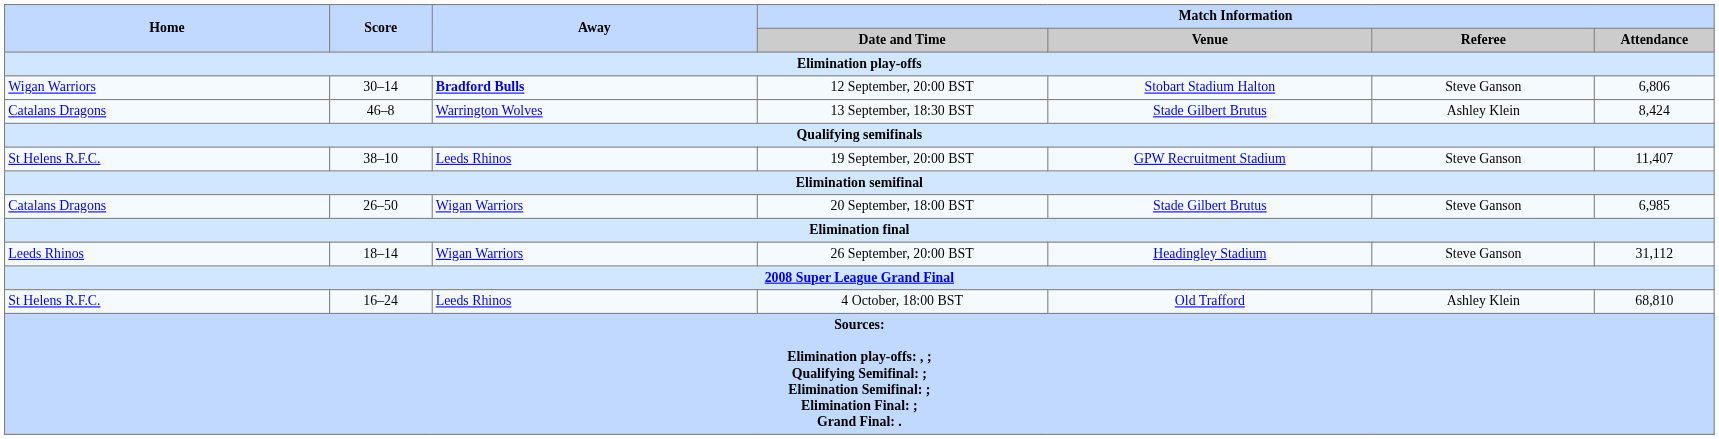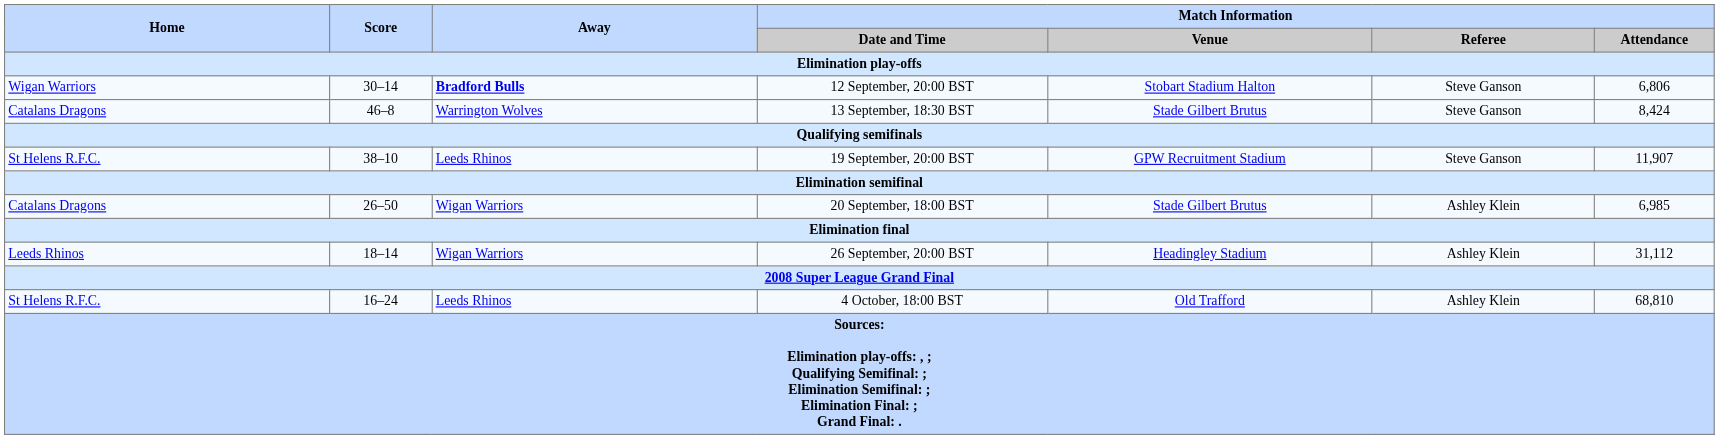 <table border="1" cellpadding="3" cellspacing="0" style="border-collapse:collapse; font-size:80%; text-align:center; width:100%;">
 <tr style="background:#c1d8ff;">
 <th rowspan="2" style="width:19%;">Home</th>
 <th rowspan="2" style="width:6%;">Score</th>
 <th rowspan="2" style="width:19%;">Away</th>
 <th colspan=6>Match Information</th>
 </tr>
 <tr style="background:#ccc;">
 <th width=17%>Date and Time</th>
 <th width=19%>Venue</th>
 <th width=13%>Referee</th>
 <th width=7%>Attendance</th>
 </tr>
 <tr style="background:#d0e7ff;">
 <td colspan=7><strong>Elimination play-offs</strong></td>
 </tr>
 <tr style="background:#f5faff;">
 <td align=left> <a href='#'>Wigan Warriors</a></td>
 <td>30–14</td>
 <td align=left><strong> <a href='#'>Bradford Bulls</a></strong></td>
 <td>12 September, 20:00 BST</td>
 <td><a href='#'>Stobart Stadium Halton</a></td>
 <td>Steve Ganson</td>
 <td>6,806</td>
 </tr>
 <tr style="background:#f5faff;">
 <td align=left> <a href='#'>Catalans Dragons</a></td>
 <td>46–8</td>
 <td align=left> <a href='#'>Warrington Wolves</a></td>
 <td>13 September, 18:30 BST</td>
 <td><a href='#'>Stade Gilbert Brutus</a></td>
-<td>Ashley Klein</td>
+<td>Steve Ganson</td>
 <td>8,424</td>
 </tr>
 <tr style="background:#d0e7ff;">
 <td colspan=7><strong>Qualifying semifinals</strong></td>
 </tr>
 <tr style="background:#f5faff;">
 <td align=left> <a href='#'>St Helens R.F.C.</a></td>
 <td>38–10</td>
 <td align=left> <a href='#'>Leeds Rhinos</a></td>
 <td>19 September, 20:00 BST</td>
 <td><a href='#'>GPW Recruitment Stadium</a></td>
 <td>Steve Ganson</td>
-<td>11,407</td>
+<td>11,907</td>
 </tr>
 <tr style="background:#d0e7ff;">
 <td colspan=7><strong>Elimination semifinal</strong></td>
 </tr>
 <tr style="background:#f5faff;">
 <td align=left> <a href='#'>Catalans Dragons</a></td>
 <td>26–50</td>
 <td align=left> <a href='#'>Wigan Warriors</a></td>
 <td>20 September, 18:00 BST</td>
 <td><a href='#'>Stade Gilbert Brutus</a></td>
-<td>Steve Ganson</td>
+<td>Ashley Klein</td>
 <td>6,985</td>
 </tr>
 <tr style="background:#d0e7ff;">
 <td colspan=7><strong>Elimination final</strong></td>
 </tr>
 <tr style="background:#f5faff;">
 <td align=left> <a href='#'>Leeds Rhinos</a></td>
 <td>18–14</td>
 <td align=left> <a href='#'>Wigan Warriors</a></td>
 <td>26 September, 20:00 BST</td>
 <td><a href='#'>Headingley Stadium</a></td>
-<td>Steve Ganson</td>
+<td>Ashley Klein</td>
 <td>31,112</td>
 </tr>
 <tr style="background:#d0e7ff;">
 <td colspan=7><strong><a href='#'>2008 Super League Grand Final</a></strong></td>
 </tr>
 <tr style="background:#f5faff;">
 <td align=left> <a href='#'>St Helens R.F.C.</a></td>
 <td>16–24</td>
 <td align=left> <a href='#'>Leeds Rhinos</a></td>
 <td>4 October, 18:00 BST</td>
 <td><a href='#'>Old Trafford</a></td>
 <td>Ashley Klein</td>
 <td>68,810</td>
 </tr>
 <tr style="background:#c1d8ff;">
 <th colspan=10>Sources:<br><br>Elimination play-offs: , ;<br> Qualifying Semifinal: ;<br> Elimination Semifinal: ;<br> Elimination Final: ;<br> Grand Final: .</th>
 </tr>
 </table>
